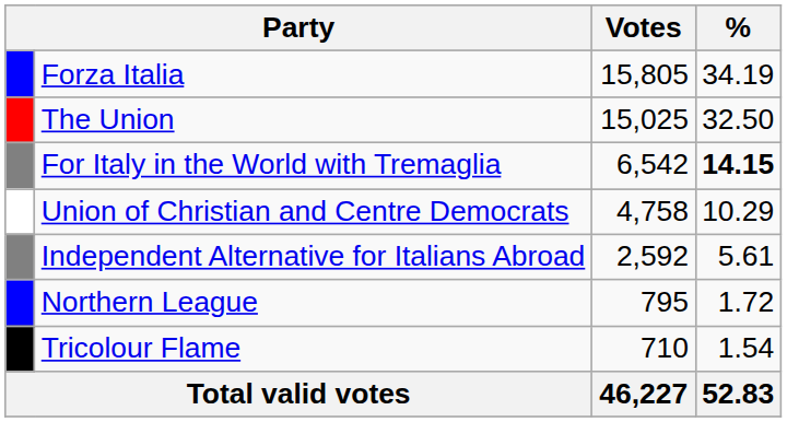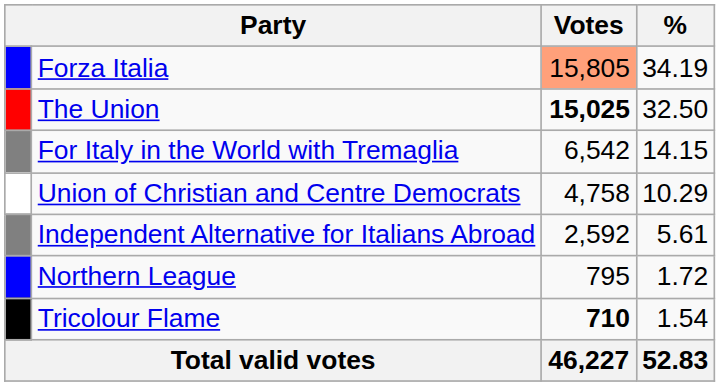 <table class="wikitable">
 <tr>
 <th colspan="2" style="width: 130px">Party</th>
 <th style="width: 50px">Votes</th>
 <th style="width: 40px">%</th>
 </tr>
 <tr>
 <td style="background-color:blue">  </td>
 <td style="text-align: left"><a href='#'>Forza Italia</a></td>
-<td style="text-align: right">15,805</td>
+<td style="background: lightsalmon; text-align: right">15,805</td>
 <td style="text-align: right">34.19</td>
 </tr>
 <tr>
 <td style="background-color:red">  </td>
 <td style="text-align: left"><a href='#'>The Union</a></td>
-<td style="text-align: right">15,025</td>
+<td style="text-align: right"><strong>15,025</strong></td>
 <td style="text-align: right">32.50</td>
 </tr>
 <tr>
 <td style="background-color:grey">  </td>
 <td style="text-align: left"><a href='#'>For Italy in the World with Tremaglia</a></td>
 <td align="right">6,542</td>
-<td align="right"><strong>14.15</strong></td>
+<td align="right">14.15</td>
 </tr>
 <tr>
 <td style="background-color:white">  </td>
 <td style="text-align: left"><a href='#'>Union of Christian and Centre Democrats</a></td>
 <td align="right">4,758</td>
 <td align="right">10.29</td>
 </tr>
 <tr>
 <td style="background-color:grey">  </td>
 <td style="text-align: left"><a href='#'>Independent Alternative for Italians Abroad</a></td>
 <td align="right">2,592</td>
 <td align="right">5.61</td>
 </tr>
 <tr>
 <td style="background-color:blue">  </td>
 <td style="text-align: left"><a href='#'>Northern League</a></td>
 <td align="right">795</td>
 <td align="right">1.72</td>
 </tr>
 <tr>
 <td style="background-color:black">  </td>
 <td style="text-align: left"><a href='#'>Tricolour Flame</a></td>
-<td align="right">710</td>
+<td align="right"><strong>710</strong></td>
 <td align="right">1.54</td>
 </tr>
 <tr bgcolor="white">
 <th align="right" colspan=2>Total valid votes</th>
 <th align="right">46,227</th>
 <th align="right">52.83</th>
 </tr>
 </table>
